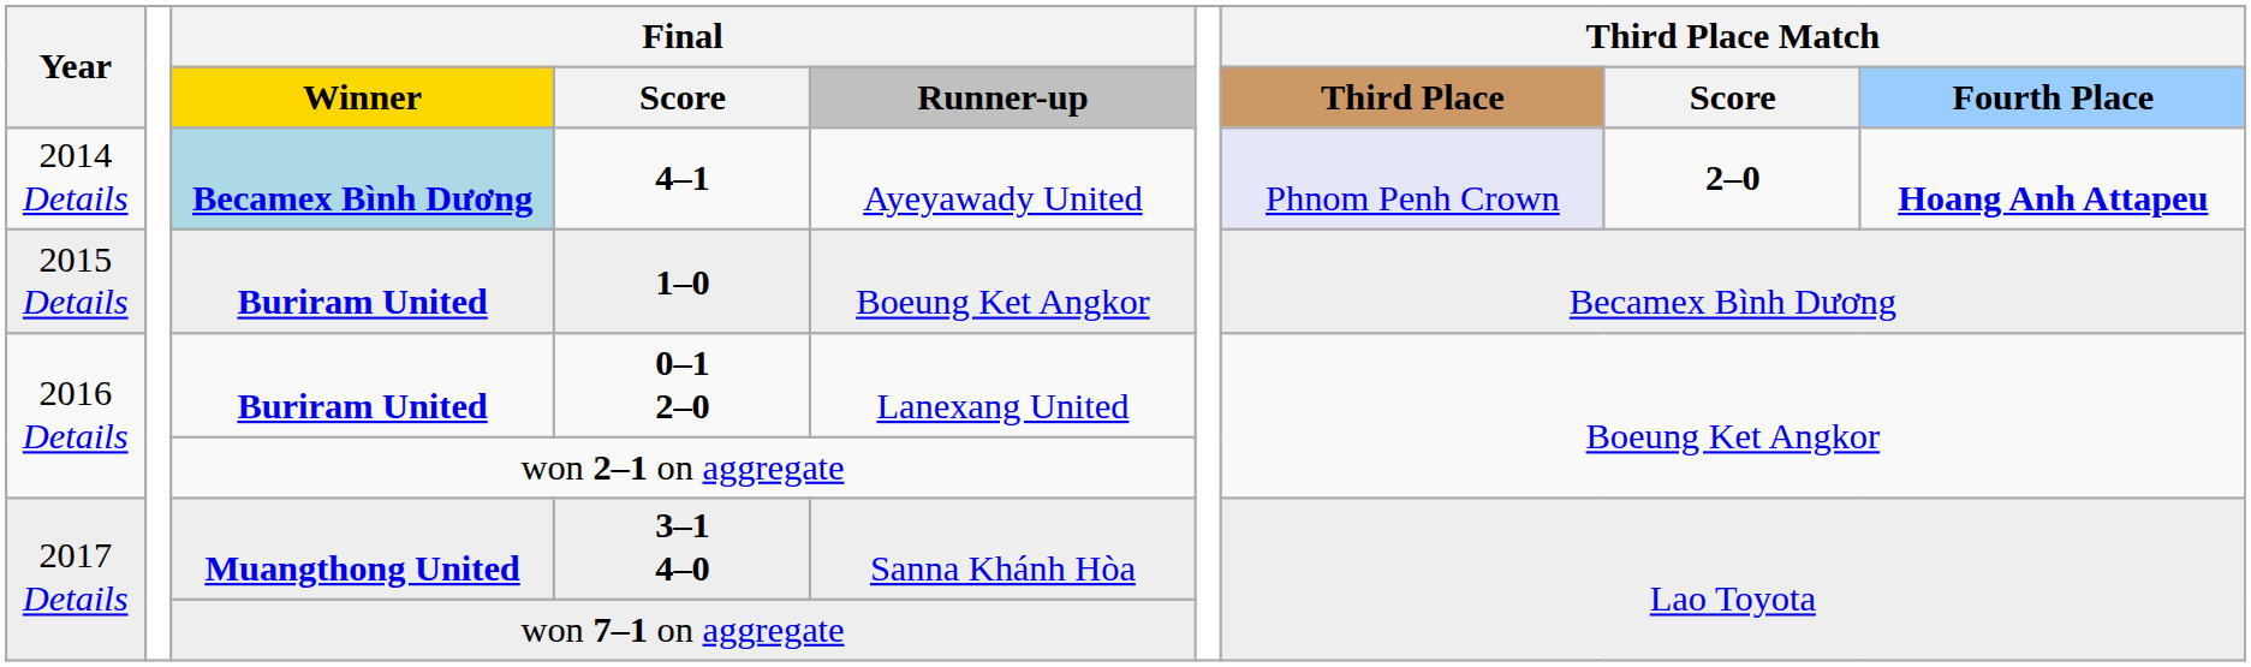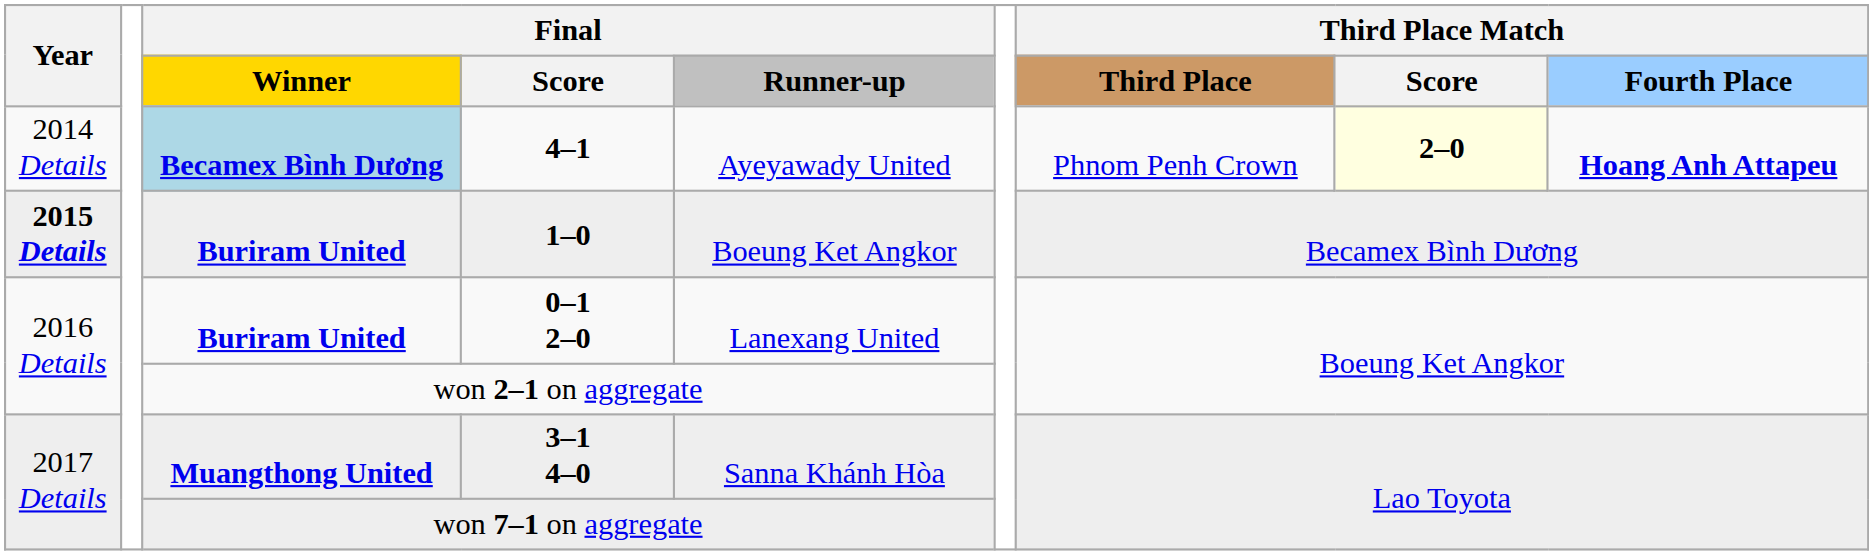 <table class="wikitable" style="font-size:90%; width:100%; text-align:center;">
 <tr>
 <th rowspan=2 width=5%>Year</th>
 <th width=1% rowspan=8 style="background:#ffffff;"></th>
 <th colspan=3>Final</th>
 <th width=1% rowspan=8 style="background:#ffffff;"></th>
 <th colspan=3>Third Place Match</th>
 </tr>
 <tr>
 <th width=15% style="background:gold;">Winner</th>
 <th width=10%>Score</th>
 <th width=15% style="background:silver;">Runner-up</th>
 <th width=15% style="background:#cc9966;">Third Place</th>
 <th width=10%>Score</th>
 <th width=15% style="background:#9acdff;">Fourth Place</th>
 </tr>
 <tr>
 <td>2014 <br> <em><a href='#'>Details</a></em></td>
 <td style="background: lightblue;"> <br> <strong><a href='#'>Becamex Bình Dương</a></strong></td>
 <td><strong>4–1</strong></td>
 <td> <br> <a href='#'>Ayeyawady United</a></td>
-<td style="background: lavender;"> <br> <a href='#'>Phnom Penh Crown</a></td>
-<td><strong>2–0</strong></td>
+<td> <br> <a href='#'>Phnom Penh Crown</a></td>
+<td style="background: lightyellow;"><strong>2–0</strong></td>
 <td><strong> <br> <a href='#'>Hoang Anh Attapeu</a></strong></td>
 </tr>
 <tr bgcolor=#eeeeee>
-<td>2015 <br> <em><a href='#'>Details</a></em></td>
+<td><strong>2015 <br> <em><a href='#'>Details</a></em></strong></td>
 <td> <br> <strong><a href='#'>Buriram United</a></strong></td>
 <td><strong>1–0</strong></td>
 <td> <br> <a href='#'>Boeung Ket Angkor</a></td>
 <td colspan=3> <br> <a href='#'>Becamex Bình Dương</a></td>
 </tr>
 <tr>
 <td rowspan=2>2016 <br> <em><a href='#'>Details</a></em></td>
 <td> <br> <strong><a href='#'>Buriram United</a></strong></td>
 <td><strong>0–1</strong> <br> <strong>2–0</strong></td>
 <td> <br> <a href='#'>Lanexang United</a></td>
 <td colspan=3 rowspan=2> <br> <a href='#'>Boeung Ket Angkor</a></td>
 </tr>
 <tr>
 <td colspan=3>won <strong>2–1</strong> on <a href='#'>aggregate</a></td>
 </tr>
 <tr bgcolor=#eeeeee>
 <td rowspan=2>2017 <br> <em><a href='#'>Details</a></em></td>
 <td> <br> <strong><a href='#'>Muangthong United</a></strong></td>
 <td><strong>3–1</strong> <br> <strong>4–0</strong></td>
 <td> <br> <a href='#'>Sanna Khánh Hòa</a></td>
 <td colspan=3 rowspan=2> <br> <a href='#'>Lao Toyota</a></td>
 </tr>
 <tr bgcolor=#eeeeee>
 <td colspan=3>won <strong>7–1</strong> on <a href='#'>aggregate</a></td>
 </tr>
 </table>
